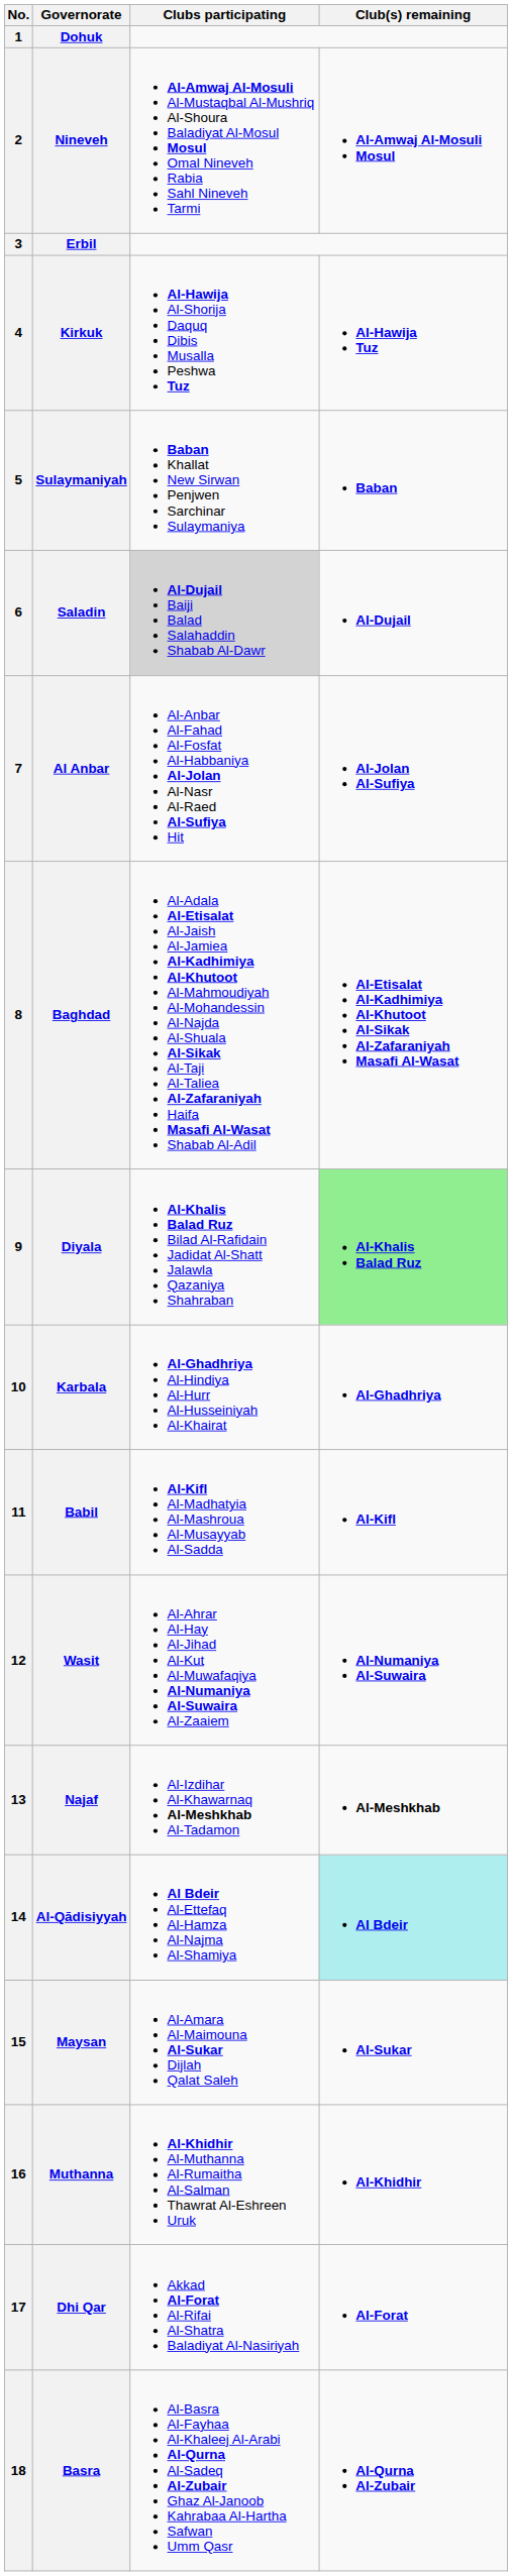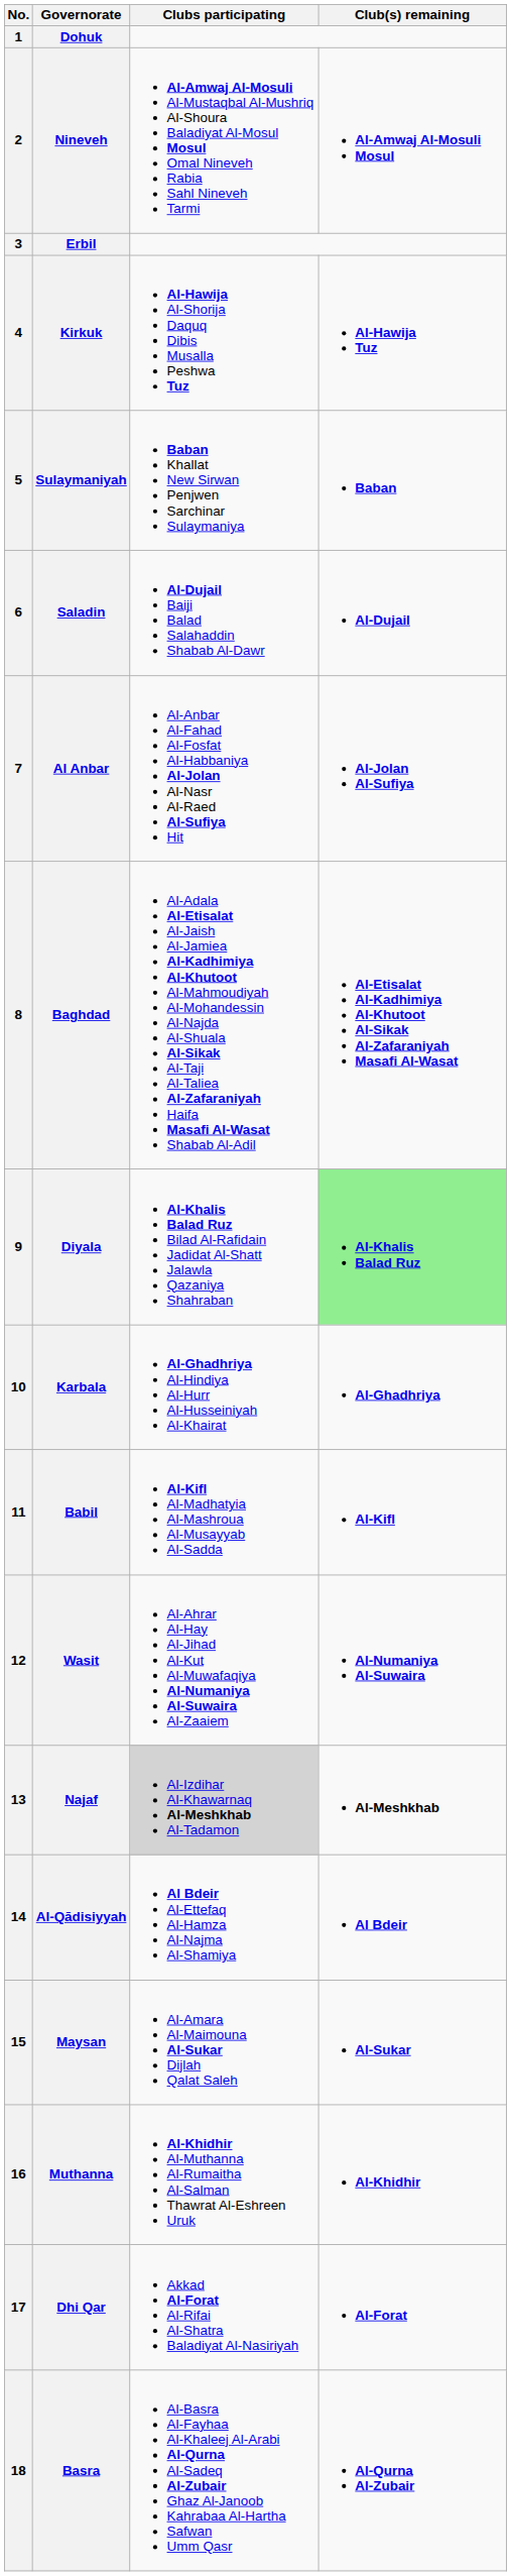 <table class="wikitable">
 <tr>
 <th>No.</th>
 <th>Governorate</th>
 <th width=215>Clubs participating</th>
 <th width=215>Club(s) remaining</th>
 </tr>
 <tr>
 <th>1</th>
 <th><a href='#'>Dohuk</a></th>
 <td colspan="3"></td>
 </tr>
 <tr>
 <th>2</th>
 <th><a href='#'>Nineveh</a></th>
 <td><br><ul><li><strong><a href='#'>Al-Amwaj Al-Mosuli</a></strong></li><li><a href='#'>Al-Mustaqbal Al-Mushriq</a></li><li>Al-Shoura</li><li><a href='#'>Baladiyat Al-Mosul</a></li><li><strong><a href='#'>Mosul</a></strong></li><li><a href='#'>Omal Nineveh</a></li><li><a href='#'>Rabia</a></li><li><a href='#'>Sahl Nineveh</a></li><li><a href='#'>Tarmi</a></li></ul></td>
 <td><br><ul><li><strong><a href='#'>Al-Amwaj Al-Mosuli</a></strong></li><li><strong><a href='#'>Mosul</a></strong></li></ul></td>
 </tr>
 <tr>
 <th>3</th>
 <th><a href='#'>Erbil</a></th>
 <td colspan="3"></td>
 </tr>
 <tr>
 <th>4</th>
 <th><a href='#'>Kirkuk</a></th>
 <td><br><ul><li><strong><a href='#'>Al-Hawija</a></strong></li><li><a href='#'>Al-Shorija</a></li><li><a href='#'>Daquq</a></li><li><a href='#'>Dibis</a></li><li><a href='#'>Musalla</a></li><li>Peshwa</li><li><strong><a href='#'>Tuz</a></strong></li></ul></td>
 <td><br><ul><li><strong><a href='#'>Al-Hawija</a></strong></li><li><strong><a href='#'>Tuz</a></strong></li></ul></td>
 </tr>
 <tr>
 <th>5</th>
 <th><a href='#'>Sulaymaniyah</a></th>
 <td><br><ul><li><strong><a href='#'>Baban</a></strong></li><li>Khallat</li><li><a href='#'>New Sirwan</a></li><li>Penjwen</li><li>Sarchinar</li><li><a href='#'>Sulaymaniya</a></li></ul></td>
 <td><br><ul><li><strong><a href='#'>Baban</a></strong></li></ul></td>
 </tr>
 <tr>
 <th>6</th>
 <th><a href='#'>Saladin</a></th>
-<td style="background: lightgrey;"><br><ul><li><strong><a href='#'>Al-Dujail</a></strong></li><li><a href='#'>Baiji</a></li><li><a href='#'>Balad</a></li><li><a href='#'>Salahaddin</a></li><li><a href='#'>Shabab Al-Dawr</a></li></ul></td>
+<td><br><ul><li><strong><a href='#'>Al-Dujail</a></strong></li><li><a href='#'>Baiji</a></li><li><a href='#'>Balad</a></li><li><a href='#'>Salahaddin</a></li><li><a href='#'>Shabab Al-Dawr</a></li></ul></td>
 <td><br><ul><li><strong><a href='#'>Al-Dujail</a></strong></li></ul></td>
 </tr>
 <tr>
 <th>7</th>
 <th><a href='#'>Al Anbar</a></th>
 <td><br><ul><li><a href='#'>Al-Anbar</a></li><li><a href='#'>Al-Fahad</a></li><li><a href='#'>Al-Fosfat</a></li><li><a href='#'>Al-Habbaniya</a></li><li><strong><a href='#'>Al-Jolan</a></strong></li><li>Al-Nasr</li><li>Al-Raed</li><li><strong><a href='#'>Al-Sufiya</a></strong></li><li><a href='#'>Hit</a></li></ul></td>
 <td><br><ul><li><strong><a href='#'>Al-Jolan</a></strong></li><li><strong><a href='#'>Al-Sufiya</a></strong></li></ul></td>
 </tr>
 <tr>
 <th>8</th>
 <th><a href='#'>Baghdad</a></th>
 <td><br><ul><li><a href='#'>Al-Adala</a></li><li><strong><a href='#'>Al-Etisalat</a></strong></li><li><a href='#'>Al-Jaish</a></li><li><a href='#'>Al-Jamiea</a></li><li><strong><a href='#'>Al-Kadhimiya</a></strong></li><li><strong><a href='#'>Al-Khutoot</a></strong></li><li><a href='#'>Al-Mahmoudiyah</a></li><li><a href='#'>Al-Mohandessin</a></li><li><a href='#'>Al-Najda</a></li><li><a href='#'>Al-Shuala</a></li><li><strong><a href='#'>Al-Sikak</a></strong></li><li><a href='#'>Al-Taji</a></li><li><a href='#'>Al-Taliea</a></li><li><strong><a href='#'>Al-Zafaraniyah</a></strong></li><li><a href='#'>Haifa</a></li><li><strong><a href='#'>Masafi Al-Wasat</a></strong></li><li><a href='#'>Shabab Al-Adil</a></li></ul></td>
 <td><br><ul><li><strong><a href='#'>Al-Etisalat</a></strong></li><li><strong><a href='#'>Al-Kadhimiya</a></strong></li><li><strong><a href='#'>Al-Khutoot</a></strong></li><li><strong><a href='#'>Al-Sikak</a></strong></li><li><strong><a href='#'>Al-Zafaraniyah</a></strong></li><li><strong><a href='#'>Masafi Al-Wasat</a></strong></li></ul></td>
 </tr>
 <tr>
 <th>9</th>
 <th><a href='#'>Diyala</a></th>
 <td><br><ul><li><strong><a href='#'>Al-Khalis</a></strong></li><li><strong><a href='#'>Balad Ruz</a></strong></li><li><a href='#'>Bilad Al-Rafidain</a></li><li><a href='#'>Jadidat Al-Shatt</a></li><li><a href='#'>Jalawla</a></li><li><a href='#'>Qazaniya</a></li><li><a href='#'>Shahraban</a></li></ul></td>
 <td style="background: lightgreen;"><br><ul><li><strong><a href='#'>Al-Khalis</a></strong></li><li><strong><a href='#'>Balad Ruz</a></strong></li></ul></td>
 </tr>
 <tr>
 <th>10</th>
 <th><a href='#'>Karbala</a></th>
 <td><br><ul><li><strong><a href='#'>Al-Ghadhriya</a></strong></li><li><a href='#'>Al-Hindiya</a></li><li><a href='#'>Al-Hurr</a></li><li><a href='#'>Al-Husseiniyah</a></li><li><a href='#'>Al-Khairat</a></li></ul></td>
 <td><br><ul><li><strong><a href='#'>Al-Ghadhriya</a></strong></li></ul></td>
 </tr>
 <tr>
 <th>11</th>
 <th><a href='#'>Babil</a></th>
 <td><br><ul><li><strong><a href='#'>Al-Kifl</a></strong></li><li><a href='#'>Al-Madhatyia</a></li><li><a href='#'>Al-Mashroua</a></li><li><a href='#'>Al-Musayyab</a></li><li><a href='#'>Al-Sadda</a></li></ul></td>
 <td><br><ul><li><strong><a href='#'>Al-Kifl</a></strong></li></ul></td>
 </tr>
 <tr>
 <th>12</th>
 <th><a href='#'>Wasit</a></th>
 <td><br><ul><li><a href='#'>Al-Ahrar</a></li><li><a href='#'>Al-Hay</a></li><li><a href='#'>Al-Jihad</a></li><li><a href='#'>Al-Kut</a></li><li><a href='#'>Al-Muwafaqiya</a></li><li><strong><a href='#'>Al-Numaniya</a></strong></li><li><strong><a href='#'>Al-Suwaira</a></strong></li><li><a href='#'>Al-Zaaiem</a></li></ul></td>
 <td><br><ul><li><strong><a href='#'>Al-Numaniya</a></strong></li><li><strong><a href='#'>Al-Suwaira</a></strong></li></ul></td>
 </tr>
 <tr>
 <th>13</th>
 <th><a href='#'>Najaf</a></th>
-<td><br><ul><li><a href='#'>Al-Izdihar</a></li><li><a href='#'>Al-Khawarnaq</a></li><li><strong>Al-Meshkhab</strong></li><li><a href='#'>Al-Tadamon</a></li></ul></td>
+<td style="background: lightgrey;"><br><ul><li><a href='#'>Al-Izdihar</a></li><li><a href='#'>Al-Khawarnaq</a></li><li><strong>Al-Meshkhab</strong></li><li><a href='#'>Al-Tadamon</a></li></ul></td>
 <td><br><ul><li><strong>Al-Meshkhab</strong></li></ul></td>
 </tr>
 <tr>
 <th>14</th>
 <th><a href='#'>Al-Qādisiyyah</a></th>
 <td><br><ul><li><strong><a href='#'>Al Bdeir</a></strong></li><li><a href='#'>Al-Ettefaq</a></li><li><a href='#'>Al-Hamza</a></li><li><a href='#'>Al-Najma</a></li><li><a href='#'>Al-Shamiya</a></li></ul></td>
-<td style="background: paleturquoise;"><br><ul><li><strong><a href='#'>Al Bdeir</a></strong></li></ul></td>
+<td><br><ul><li><strong><a href='#'>Al Bdeir</a></strong></li></ul></td>
 </tr>
 <tr>
 <th>15</th>
 <th><a href='#'>Maysan</a></th>
 <td><br><ul><li><a href='#'>Al-Amara</a></li><li><a href='#'>Al-Maimouna</a></li><li><strong><a href='#'>Al-Sukar</a></strong></li><li><a href='#'>Dijlah</a></li><li><a href='#'>Qalat Saleh</a></li></ul></td>
 <td><br><ul><li><strong><a href='#'>Al-Sukar</a></strong></li></ul></td>
 </tr>
 <tr>
 <th>16</th>
 <th><a href='#'>Muthanna</a></th>
 <td><br><ul><li><strong><a href='#'>Al-Khidhir</a></strong></li><li><a href='#'>Al-Muthanna</a></li><li><a href='#'>Al-Rumaitha</a></li><li><a href='#'>Al-Salman</a></li><li>Thawrat Al-Eshreen</li><li><a href='#'>Uruk</a></li></ul></td>
 <td><br><ul><li><strong><a href='#'>Al-Khidhir</a></strong></li></ul></td>
 </tr>
 <tr>
 <th>17</th>
 <th><a href='#'>Dhi Qar</a></th>
 <td><br><ul><li><a href='#'>Akkad</a></li><li><strong><a href='#'>Al-Forat</a></strong></li><li><a href='#'>Al-Rifai</a></li><li><a href='#'>Al-Shatra</a></li><li><a href='#'>Baladiyat Al-Nasiriyah</a></li></ul></td>
 <td><br><ul><li><strong><a href='#'>Al-Forat</a></strong></li></ul></td>
 </tr>
 <tr>
 <th>18</th>
 <th><a href='#'>Basra</a></th>
 <td><br><ul><li><a href='#'>Al-Basra</a></li><li><a href='#'>Al-Fayhaa</a></li><li><a href='#'>Al-Khaleej Al-Arabi</a></li><li><strong><a href='#'>Al-Qurna</a></strong></li><li><a href='#'>Al-Sadeq</a></li><li><strong><a href='#'>Al-Zubair</a></strong></li><li><a href='#'>Ghaz Al-Janoob</a></li><li><a href='#'>Kahrabaa Al-Hartha</a></li><li><a href='#'>Safwan</a></li><li><a href='#'>Umm Qasr</a></li></ul></td>
 <td><br><ul><li><strong><a href='#'>Al-Qurna</a></strong></li><li><strong><a href='#'>Al-Zubair</a></strong></li></ul></td>
 </tr>
 </table>
